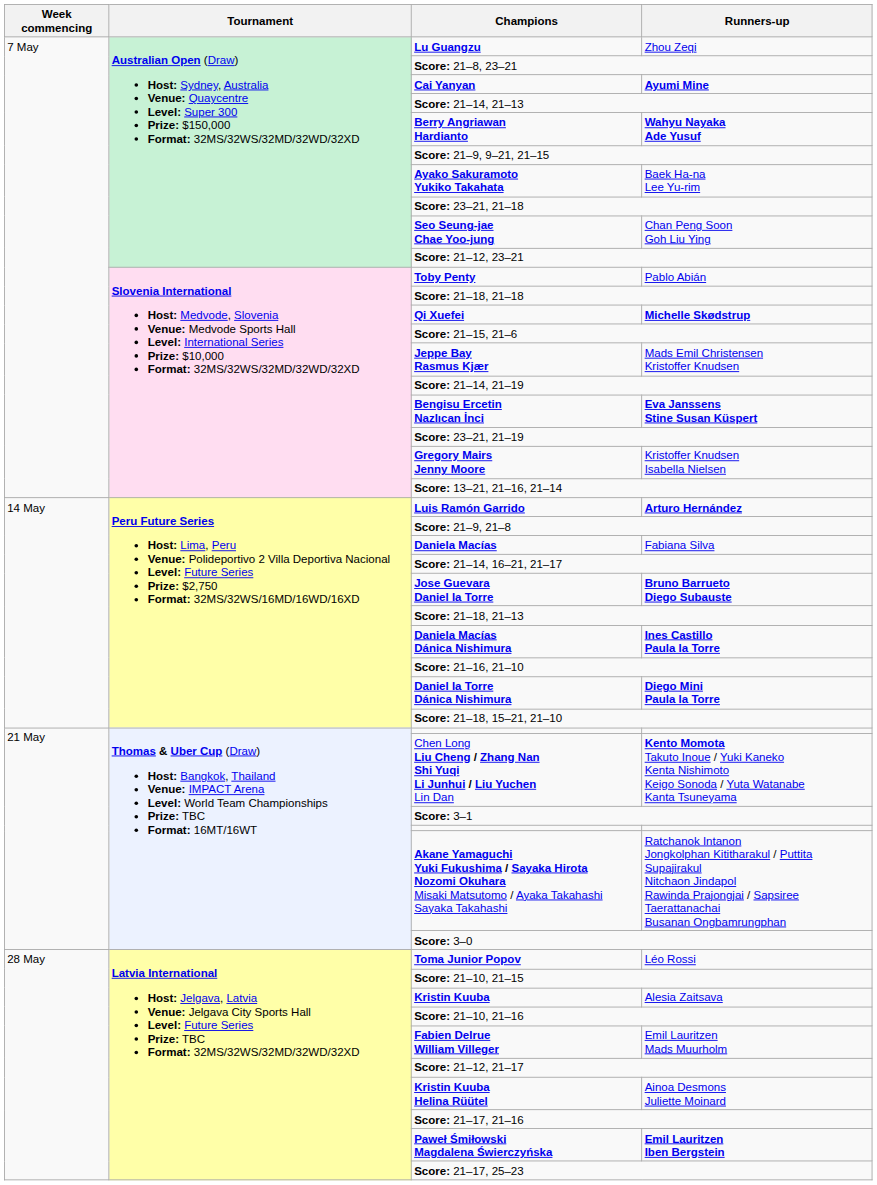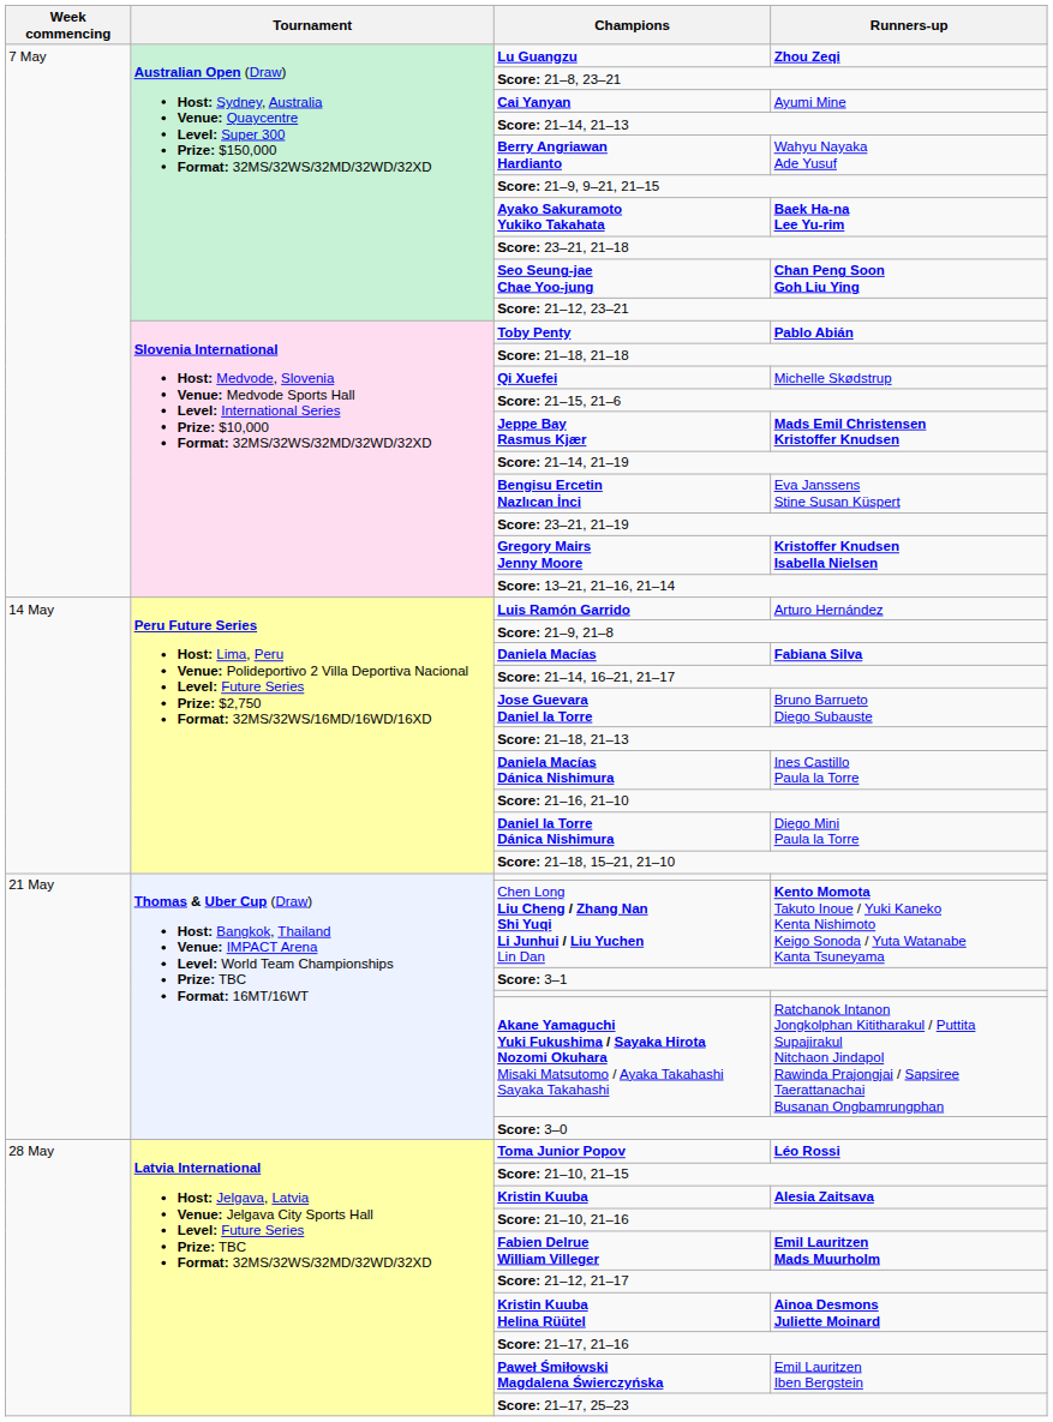 <table class=wikitable style=font-size:80%>
 <tr>
 <th width=110>Week commencing</th>
 <th width=330>Tournament</th>
 <th width=250>Champions</th>
 <th width=250>Runners-up</th>
 </tr>
 <tr valign=top>
 <td rowspan="20">7 May</td>
 <td style="background:#C7F2D5;" rowspan="10"><br><strong><a href='#'>Australian Open</a></strong> (<a href='#'>Draw</a>)<ul><li><strong>Host:</strong> <a href='#'>Sydney</a>, <a href='#'>Australia</a></li><li><strong>Venue:</strong> <a href='#'>Quaycentre</a></li><li><strong>Level:</strong> <a href='#'>Super 300</a></li><li><strong>Prize:</strong> $150,000</li><li><strong>Format:</strong> 32MS/32WS/32MD/32WD/32XD</li></ul></td>
 <td><strong> <a href='#'>Lu Guangzu</a></strong></td>
-<td> <a href='#'>Zhou Zeqi</a></td>
+<td><strong> <a href='#'>Zhou Zeqi</a></strong></td>
 </tr>
 <tr>
 <td colspan=2><strong>Score:</strong> 21–8, 23–21</td>
 </tr>
 <tr valign=top>
 <td><strong> <a href='#'>Cai Yanyan</a></strong></td>
-<td><strong> <a href='#'>Ayumi Mine</a></strong></td>
+<td> <a href='#'>Ayumi Mine</a></td>
 </tr>
 <tr>
 <td colspan=2><strong>Score:</strong> 21–14, 21–13</td>
 </tr>
 <tr valign=top>
 <td><strong> <a href='#'>Berry Angriawan</a><br> <a href='#'>Hardianto</a></strong></td>
-<td><strong> <a href='#'>Wahyu Nayaka</a><br> <a href='#'>Ade Yusuf</a></strong></td>
+<td> <a href='#'>Wahyu Nayaka</a><br> <a href='#'>Ade Yusuf</a></td>
 </tr>
 <tr>
 <td colspan=2><strong>Score:</strong> 21–9, 9–21, 21–15</td>
 </tr>
 <tr valign=top>
 <td><strong> <a href='#'>Ayako Sakuramoto</a><br> <a href='#'>Yukiko Takahata</a></strong></td>
-<td> <a href='#'>Baek Ha-na</a><br> <a href='#'>Lee Yu-rim</a></td>
+<td><strong> <a href='#'>Baek Ha-na</a><br> <a href='#'>Lee Yu-rim</a></strong></td>
 </tr>
 <tr>
 <td colspan=2><strong>Score:</strong> 23–21, 21–18</td>
 </tr>
 <tr valign=top>
 <td><strong> <a href='#'>Seo Seung-jae</a><br> <a href='#'>Chae Yoo-jung</a></strong></td>
-<td> <a href='#'>Chan Peng Soon</a><br> <a href='#'>Goh Liu Ying</a></td>
+<td><strong> <a href='#'>Chan Peng Soon</a><br> <a href='#'>Goh Liu Ying</a></strong></td>
 </tr>
 <tr>
 <td colspan=2><strong>Score:</strong> 21–12, 23–21</td>
 </tr>
 <tr valign=top>
 <td style="background:#FFDDF1;" rowspan="10"><br><strong><a href='#'>Slovenia International</a></strong><ul><li><strong>Host:</strong> <a href='#'>Medvode</a>, <a href='#'>Slovenia</a></li><li><strong>Venue:</strong> Medvode Sports Hall</li><li><strong>Level:</strong> <a href='#'>International Series</a></li><li><strong>Prize:</strong> $10,000</li><li><strong>Format:</strong> 32MS/32WS/32MD/32WD/32XD</li></ul></td>
 <td><strong> <a href='#'>Toby Penty</a></strong></td>
-<td> <a href='#'>Pablo Abián</a></td>
+<td><strong> <a href='#'>Pablo Abián</a></strong></td>
 </tr>
 <tr>
 <td colspan=2><strong>Score:</strong> 21–18, 21–18</td>
 </tr>
 <tr valign=top>
 <td><strong> <a href='#'>Qi Xuefei</a></strong></td>
-<td><strong> <a href='#'>Michelle Skødstrup</a></strong></td>
+<td> <a href='#'>Michelle Skødstrup</a></td>
 </tr>
 <tr>
 <td colspan=2><strong>Score:</strong> 21–15, 21–6</td>
 </tr>
 <tr valign=top>
 <td><strong> <a href='#'>Jeppe Bay</a><br> <a href='#'>Rasmus Kjær</a></strong></td>
-<td> <a href='#'>Mads Emil Christensen</a><br> <a href='#'>Kristoffer Knudsen</a></td>
+<td><strong> <a href='#'>Mads Emil Christensen</a><br> <a href='#'>Kristoffer Knudsen</a></strong></td>
 </tr>
 <tr>
 <td colspan=2><strong>Score:</strong> 21–14, 21–19</td>
 </tr>
 <tr valign=top>
 <td><strong> <a href='#'>Bengisu Ercetin</a><br> <a href='#'>Nazlıcan İnci</a></strong></td>
-<td><strong> <a href='#'>Eva Janssens</a><br> <a href='#'>Stine Susan Küspert</a></strong></td>
+<td> <a href='#'>Eva Janssens</a><br> <a href='#'>Stine Susan Küspert</a></td>
 </tr>
 <tr>
 <td colspan=2><strong>Score:</strong> 23–21, 21–19</td>
 </tr>
 <tr valign=top>
 <td><strong> <a href='#'>Gregory Mairs</a><br> <a href='#'>Jenny Moore</a></strong></td>
-<td> <a href='#'>Kristoffer Knudsen</a><br> <a href='#'>Isabella Nielsen</a></td>
+<td><strong> <a href='#'>Kristoffer Knudsen</a><br> <a href='#'>Isabella Nielsen</a></strong></td>
 </tr>
 <tr>
 <td colspan=2><strong>Score:</strong> 13–21, 21–16, 21–14</td>
 </tr>
 <tr valign=top>
 <td rowspan="10">14 May</td>
 <td style="background:#FFFFA8;" rowspan="10"><br><strong><a href='#'>Peru Future Series</a></strong><ul><li><strong>Host:</strong> <a href='#'>Lima</a>, <a href='#'>Peru</a></li><li><strong>Venue:</strong> Polideportivo 2 Villa Deportiva Nacional</li><li><strong>Level:</strong> <a href='#'>Future Series</a></li><li><strong>Prize:</strong> $2,750</li><li><strong>Format:</strong> 32MS/32WS/16MD/16WD/16XD</li></ul></td>
 <td><strong> <a href='#'>Luis Ramón Garrido</a></strong></td>
-<td><strong> <a href='#'>Arturo Hernández</a></strong></td>
+<td> <a href='#'>Arturo Hernández</a></td>
 </tr>
 <tr>
 <td colspan=2><strong>Score:</strong> 21–9, 21–8</td>
 </tr>
 <tr valign=top>
 <td><strong> <a href='#'>Daniela Macías</a></strong></td>
-<td> <a href='#'>Fabiana Silva</a></td>
+<td><strong> <a href='#'>Fabiana Silva</a></strong></td>
 </tr>
 <tr>
 <td colspan=2><strong>Score:</strong> 21–14, 16–21, 21–17</td>
 </tr>
 <tr valign=top>
 <td><strong> <a href='#'>Jose Guevara</a><br> <a href='#'>Daniel la Torre</a></strong></td>
-<td><strong> <a href='#'>Bruno Barrueto</a><br> <a href='#'>Diego Subauste</a></strong></td>
+<td> <a href='#'>Bruno Barrueto</a><br> <a href='#'>Diego Subauste</a></td>
 </tr>
 <tr>
 <td colspan=2><strong>Score:</strong> 21–18, 21–13</td>
 </tr>
 <tr valign=top>
 <td><strong> <a href='#'>Daniela Macías</a><br> <a href='#'>Dánica Nishimura</a></strong></td>
-<td><strong> <a href='#'>Ines Castillo</a><br> <a href='#'>Paula la Torre</a></strong></td>
+<td> <a href='#'>Ines Castillo</a><br> <a href='#'>Paula la Torre</a></td>
 </tr>
 <tr>
 <td colspan=2><strong>Score:</strong> 21–16, 21–10</td>
 </tr>
 <tr valign=top>
 <td><strong> <a href='#'>Daniel la Torre</a><br> <a href='#'>Dánica Nishimura</a></strong></td>
-<td><strong> <a href='#'>Diego Mini</a><br> <a href='#'>Paula la Torre</a></strong></td>
+<td> <a href='#'>Diego Mini</a><br> <a href='#'>Paula la Torre</a></td>
 </tr>
 <tr>
 <td colspan=2><strong>Score:</strong> 21–18, 15–21, 21–10</td>
 </tr>
 <tr valign=top>
 <td rowspan="6">21 May</td>
 <td style="background:#ECF2FF;" rowspan="6"><br><strong><a href='#'>Thomas</a> & <a href='#'>Uber Cup</a></strong> (<a href='#'>Draw</a>)<ul><li><strong>Host:</strong> <a href='#'>Bangkok</a>, <a href='#'>Thailand</a></li><li><strong>Venue:</strong> <a href='#'>IMPACT Arena</a></li><li><strong>Level:</strong> World Team Championships</li><li><strong>Prize:</strong> TBC</li><li><strong>Format:</strong> 16MT/16WT</li></ul></td>
 <td><strong></strong></td>
 <td></td>
 </tr>
 <tr>
 <td><a href='#'>Chen Long</a><br><strong><a href='#'>Liu Cheng</a> / <a href='#'>Zhang Nan</a></strong><br><strong><a href='#'>Shi Yuqi</a></strong><br><strong><a href='#'>Li Junhui</a> / <a href='#'>Liu Yuchen</a></strong><br><a href='#'>Lin Dan</a></td>
 <td><strong><a href='#'>Kento Momota</a></strong><br><a href='#'>Takuto Inoue</a> / <a href='#'>Yuki Kaneko</a><br><a href='#'>Kenta Nishimoto</a><br><a href='#'>Keigo Sonoda</a> / <a href='#'>Yuta Watanabe</a><br><a href='#'>Kanta Tsuneyama</a></td>
 </tr>
 <tr>
 <td colspan=2><strong>Score:</strong> 3–1</td>
 </tr>
 <tr valign=top>
 <td><strong></strong></td>
 <td></td>
 </tr>
 <tr>
 <td><strong><a href='#'>Akane Yamaguchi</a></strong><br><strong><a href='#'>Yuki Fukushima</a> / <a href='#'>Sayaka Hirota</a></strong><br><strong><a href='#'>Nozomi Okuhara</a></strong><br><a href='#'>Misaki Matsutomo</a> / <a href='#'>Ayaka Takahashi</a><br><a href='#'>Sayaka Takahashi</a></td>
 <td><a href='#'>Ratchanok Intanon</a><br><a href='#'>Jongkolphan Kititharakul</a> / <a href='#'>Puttita Supajirakul</a><br><a href='#'>Nitchaon Jindapol</a><br><a href='#'>Rawinda Prajongjai</a> / <a href='#'>Sapsiree Taerattanachai</a><br><a href='#'>Busanan Ongbamrungphan</a></td>
 </tr>
 <tr>
 <td colspan=2><strong>Score:</strong> 3–0</td>
 </tr>
 <tr valign=top>
 <td rowspan="10">28 May</td>
 <td style="background:#FFFFA8;" rowspan="10"><br><strong><a href='#'>Latvia International</a></strong><ul><li><strong>Host:</strong> <a href='#'>Jelgava</a>, <a href='#'>Latvia</a></li><li><strong>Venue:</strong> Jelgava City Sports Hall</li><li><strong>Level:</strong> <a href='#'>Future Series</a></li><li><strong>Prize:</strong> TBC</li><li><strong>Format:</strong> 32MS/32WS/32MD/32WD/32XD</li></ul></td>
 <td><strong> <a href='#'>Toma Junior Popov</a></strong></td>
-<td> <a href='#'>Léo Rossi</a></td>
+<td><strong> <a href='#'>Léo Rossi</a></strong></td>
 </tr>
 <tr>
 <td colspan=2><strong>Score:</strong> 21–10, 21–15</td>
 </tr>
 <tr valign=top>
 <td><strong> <a href='#'>Kristin Kuuba</a></strong></td>
-<td> <a href='#'>Alesia Zaitsava</a></td>
+<td><strong> <a href='#'>Alesia Zaitsava</a></strong></td>
 </tr>
 <tr>
 <td colspan=2><strong>Score:</strong> 21–10, 21–16</td>
 </tr>
 <tr valign=top>
 <td><strong> <a href='#'>Fabien Delrue</a><br> <a href='#'>William Villeger</a></strong></td>
-<td> <a href='#'>Emil Lauritzen</a><br> <a href='#'>Mads Muurholm</a></td>
+<td><strong> <a href='#'>Emil Lauritzen</a><br> <a href='#'>Mads Muurholm</a></strong></td>
 </tr>
 <tr>
 <td colspan=2><strong>Score:</strong> 21–12, 21–17</td>
 </tr>
 <tr valign=top>
 <td><strong> <a href='#'>Kristin Kuuba</a><br> <a href='#'>Helina Rüütel</a></strong></td>
-<td> <a href='#'>Ainoa Desmons</a><br> <a href='#'>Juliette Moinard</a></td>
+<td><strong> <a href='#'>Ainoa Desmons</a><br> <a href='#'>Juliette Moinard</a></strong></td>
 </tr>
 <tr>
 <td colspan=2><strong>Score:</strong> 21–17, 21–16</td>
 </tr>
 <tr valign=top>
 <td><strong> <a href='#'>Paweł Śmiłowski</a><br> <a href='#'>Magdalena Świerczyńska</a></strong></td>
-<td><strong> <a href='#'>Emil Lauritzen</a><br> <a href='#'>Iben Bergstein</a></strong></td>
+<td> <a href='#'>Emil Lauritzen</a><br> <a href='#'>Iben Bergstein</a></td>
 </tr>
 <tr>
 <td colspan=2><strong>Score:</strong> 21–17, 25–23</td>
 </tr>
 </table>
